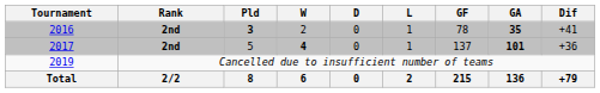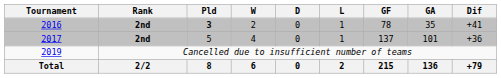 <table class="wikitable sortable" width=60% style="text-align:center">
 <tr>
 <th width=10%>Tournament</th>
 <th width=10%>Rank</th>
 <th width=5%>Pld</th>
 <th width=5%>W</th>
 <th width=5%>D</th>
 <th width=5%>L</th>
 <th width=5%>GF</th>
 <th width=5%>GA</th>
 <th width=5%>Dif</th>
 </tr>
 <tr bgcolor=silver>
 <td style="text-align:center;"> <a href='#'>2016</a></td>
 <td><strong>2nd</strong></td>
 <td><strong>3</strong></td>
 <td>2</td>
 <td>0</td>
 <td>1</td>
 <td>78</td>
-<td><strong>35</strong></td>
+<td>35</td>
 <td>+41</td>
 </tr>
 <tr bgcolor=silver>
 <td style="text-align:center;"> <a href='#'>2017</a></td>
 <td><strong>2nd</strong></td>
 <td>5</td>
-<td><strong>4</strong></td>
+<td>4</td>
 <td>0</td>
 <td>1</td>
 <td>137</td>
-<td><strong>101</strong></td>
+<td>101</td>
 <td>+36</td>
 </tr>
 <tr>
 <td style="text-align:center;"> <a href='#'>2019</a></td>
 <td colspan=10><em>Cancelled due to insufficient number of teams</em></td>
 </tr>
 <tr>
 <th align=center>Total</th>
 <th>2/2</th>
 <th>8</th>
 <th>6</th>
 <th>0</th>
 <th>2</th>
 <th>215</th>
 <th>136</th>
 <th>+79</th>
 </tr>
 </table>
